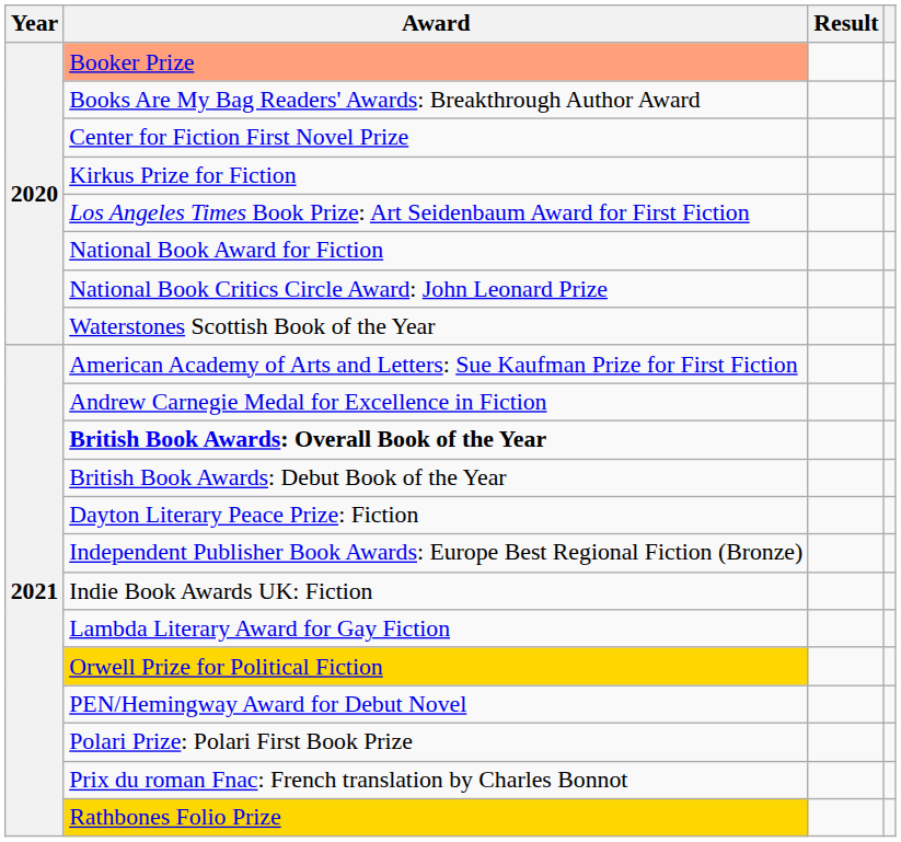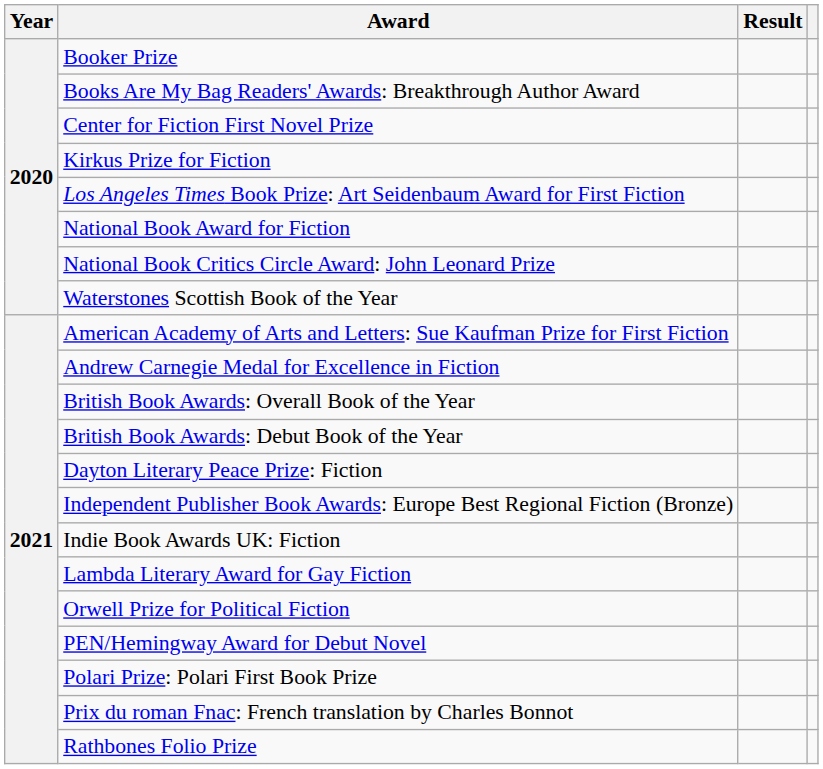 <table class="wikitable plainrowheaders sortable">
 <tr>
 <th scope="col">Year</th>
 <th scope="col">Award</th>
 <th scope="col">Result</th>
 <th scope="col" class="unsortable"></th>
 </tr>
 <tr>
 <th rowspan="8">2020</th>
-<td style="background: lightsalmon;"><a href='#'>Booker Prize</a></td>
+<td><a href='#'>Booker Prize</a></td>
 <td></td>
 <td style="text-align:center;"></td>
 </tr>
 <tr>
 <td><a href='#'>Books Are My Bag Readers' Awards</a>: Breakthrough Author Award</td>
 <td></td>
 <td style="text-align:center;"></td>
 </tr>
 <tr>
 <td><a href='#'>Center for Fiction First Novel Prize</a></td>
 <td></td>
 <td style="text-align:center;"></td>
 </tr>
 <tr>
 <td><a href='#'>Kirkus Prize for Fiction</a></td>
 <td></td>
 <td style="text-align:center;"></td>
 </tr>
 <tr>
 <td><a href='#'><em>Los Angeles Times</em> Book Prize</a>: <a href='#'>Art Seidenbaum Award for First Fiction</a></td>
 <td></td>
 <td style="text-align:center;"></td>
 </tr>
 <tr>
 <td><a href='#'>National Book Award for Fiction</a></td>
 <td></td>
 <td style="text-align:center;"></td>
 </tr>
 <tr>
 <td><a href='#'>National Book Critics Circle Award</a>: <a href='#'>John Leonard Prize</a></td>
 <td></td>
 <td style="text-align:center;"></td>
 </tr>
 <tr>
 <td><a href='#'>Waterstones</a> Scottish Book of the Year</td>
 <td></td>
 <td style="text-align:center;"></td>
 </tr>
 <tr>
 <th rowspan="13">2021</th>
 <td><a href='#'>American Academy of Arts and Letters</a>: <a href='#'>Sue Kaufman Prize for First Fiction</a></td>
 <td></td>
 <td style="text-align:center;"></td>
 </tr>
 <tr>
 <td><a href='#'>Andrew Carnegie Medal for Excellence in Fiction</a></td>
 <td></td>
 <td style="text-align:center;"></td>
 </tr>
 <tr>
-<td><strong><a href='#'>British Book Awards</a>: Overall Book of the Year</strong></td>
+<td><a href='#'>British Book Awards</a>: Overall Book of the Year</td>
 <td></td>
 <td style="text-align:center;"></td>
 </tr>
 <tr>
 <td><a href='#'>British Book Awards</a>: Debut Book of the Year</td>
 <td></td>
 <td style="text-align:center;"></td>
 </tr>
 <tr>
 <td><a href='#'>Dayton Literary Peace Prize</a>: Fiction</td>
 <td></td>
 <td style="text-align:center;"></td>
 </tr>
 <tr>
 <td><a href='#'>Independent Publisher Book Awards</a>: Europe Best Regional Fiction (Bronze)</td>
 <td></td>
 <td style="text-align:center;"></td>
 </tr>
 <tr>
 <td>Indie Book Awards UK: Fiction</td>
 <td></td>
 <td style="text-align:center;"></td>
 </tr>
 <tr>
 <td><a href='#'>Lambda Literary Award for Gay Fiction</a></td>
 <td></td>
 <td style="text-align:center;"></td>
 </tr>
 <tr>
-<td style="background: gold;"><a href='#'>Orwell Prize for Political Fiction</a></td>
+<td><a href='#'>Orwell Prize for Political Fiction</a></td>
 <td></td>
 <td style="text-align:center;"></td>
 </tr>
 <tr>
 <td><a href='#'>PEN/Hemingway Award for Debut Novel</a></td>
 <td></td>
 <td style="text-align:center;"></td>
 </tr>
 <tr>
 <td><a href='#'>Polari Prize</a>: Polari First Book Prize</td>
 <td></td>
 <td style="text-align:center;"></td>
 </tr>
 <tr>
 <td><a href='#'>Prix du roman Fnac</a>: French translation by Charles Bonnot</td>
 <td></td>
 <td style="text-align:center;"></td>
 </tr>
 <tr>
-<td style="background: gold;"><a href='#'>Rathbones Folio Prize</a></td>
+<td><a href='#'>Rathbones Folio Prize</a></td>
 <td></td>
 <td style="text-align:center;"></td>
 </tr>
 </table>
